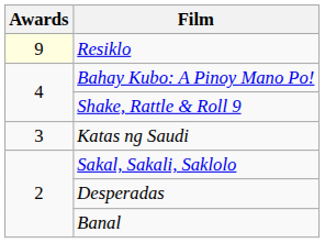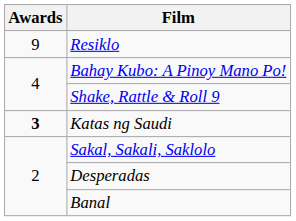 <table class="wikitable" style="text-align:center">
 <tr>
 <th scope="col">Awards</th>
 <th scope="col">Film</th>
 </tr>
 <tr>
-<td style="background: lightyellow;">9</td>
+<td>9</td>
 <td align=left><em><a href='#'>Resiklo</a></em></td>
 </tr>
 <tr>
 <td rowspan=2>4</td>
 <td align=left><em><a href='#'>Bahay Kubo: A Pinoy Mano Po!</a></em></td>
 </tr>
 <tr>
 <td align=left><em><a href='#'>Shake, Rattle & Roll 9</a></em></td>
 </tr>
 <tr>
-<td>3</td>
+<td><strong>3</strong></td>
 <td align=left><em>Katas ng Saudi</em></td>
 </tr>
 <tr>
 <td rowspan=3>2</td>
 <td align=left><em><a href='#'>Sakal, Sakali, Saklolo</a></em></td>
 </tr>
 <tr>
 <td align=left><em>Desperadas</em></td>
 </tr>
 <tr>
 <td align=left><em>Banal</em></td>
 </tr>
 </table>
